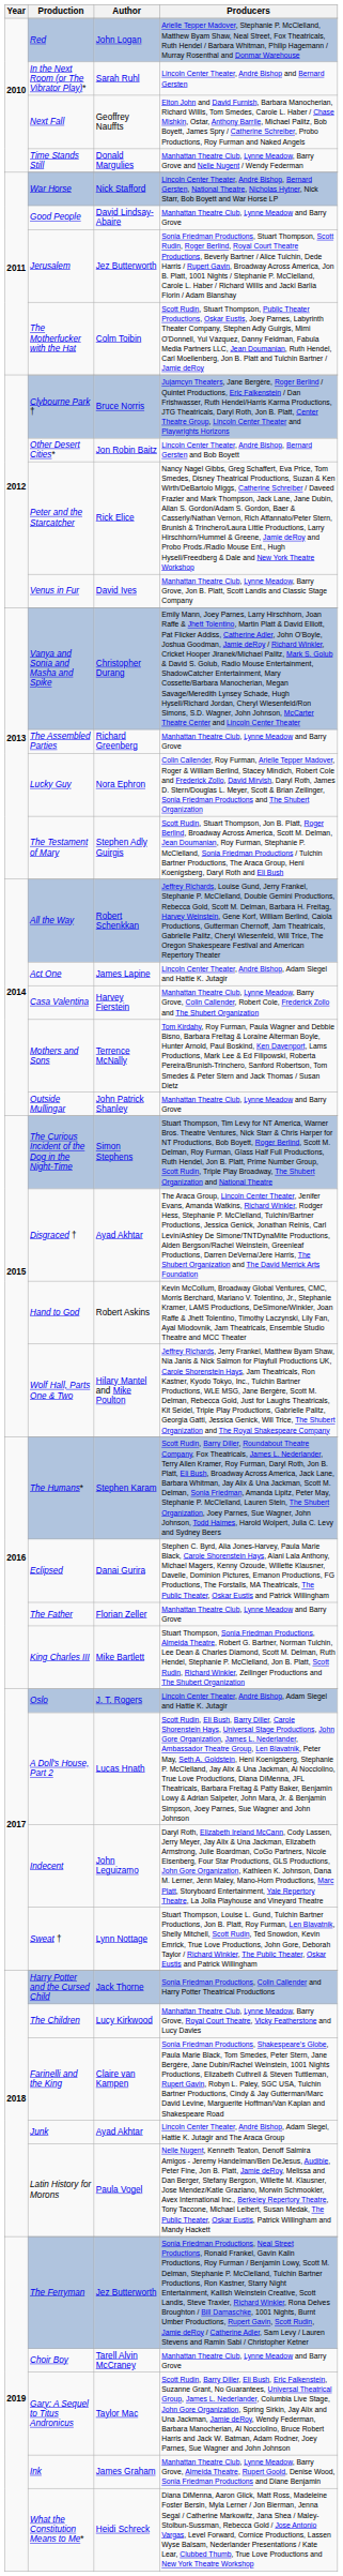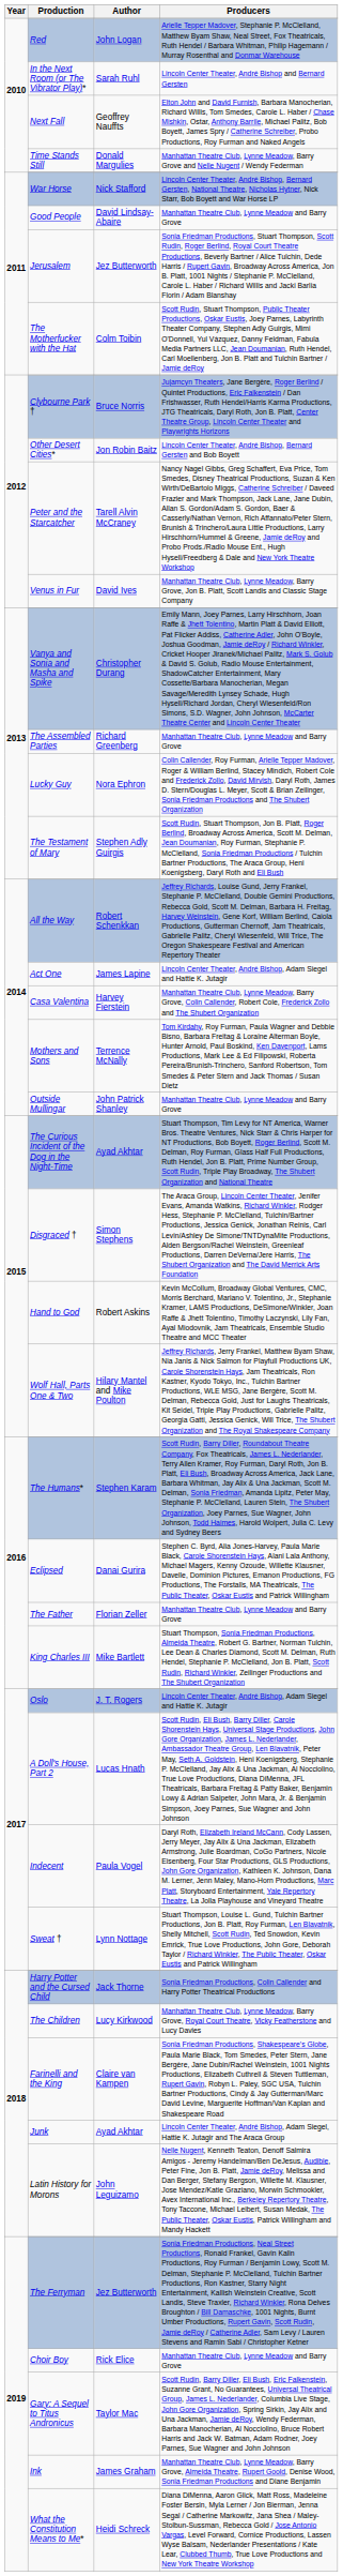 <table class="wikitable" style="width:98%;">
 <tr style="background:#bebebe;">
 <th style="width:5%;">Year</th>
 <th style="width:20%;">Production</th>
 <th style="width:20%;">Author</th>
 <th style="width:55%;">Producers</th>
 </tr>
 <tr>
 <td rowspan="5" align="center"><strong>2010</strong><br><br></td>
 </tr>
 <tr style="background:#B0C4DE">
 <td><em><a href='#'>Red</a></em></td>
 <td><a href='#'>John Logan</a></td>
 <td><small><a href='#'>Arielle Tepper Madover</a>, Stephanie P. McClelland, Matthew Byam Shaw, Neal Street, Fox Theatricals, Ruth Hendel / Barbara Whitman, Philip Hagemann / Murray Rosenthal and <a href='#'>Donmar Warehouse</a></small></td>
 </tr>
 <tr>
 <td><em><a href='#'>In the Next Room (or The Vibrator Play)</a></em>*</td>
 <td><a href='#'>Sarah Ruhl</a></td>
 <td><small><a href='#'>Lincoln Center Theater</a>, <a href='#'>André Bishop</a> and <a href='#'>Bernard Gersten</a></small></td>
 </tr>
 <tr>
 <td><em><a href='#'>Next Fall</a></em></td>
 <td>Geoffrey Nauffts</td>
 <td><small><a href='#'>Elton John</a> and <a href='#'>David Furnish</a>, Barbara Manocherian, Richard Willis, Tom Smedes, Carole L. Haber / <a href='#'>Chase Mishkin</a>, Ostar, <a href='#'>Anthony Barrile</a>, Michael Palitz, Bob Boyett, James Spry / <a href='#'>Catherine Schreiber</a>, Probo Productions, Roy Furman and Naked Angels</small></td>
 </tr>
 <tr>
 <td><em><a href='#'>Time Stands Still</a></em></td>
 <td><a href='#'>Donald Margulies</a></td>
 <td><small><a href='#'>Manhattan Theatre Club</a>, <a href='#'>Lynne Meadow</a>, Barry Grove and <a href='#'>Nelle Nugent</a> / Wendy Federman</small></td>
 </tr>
 <tr>
 <td rowspan="5" align="center"><strong>2011</strong><br><br></td>
 </tr>
 <tr style="background:#B0C4DE">
 <td><em><a href='#'>War Horse</a></em></td>
 <td><a href='#'>Nick Stafford</a></td>
 <td><small><a href='#'>Lincoln Center Theater</a>, <a href='#'>André Bishop</a>, <a href='#'>Bernard Gersten</a>, <a href='#'>National Theatre</a>, <a href='#'>Nicholas Hytner</a>, Nick Starr, Bob Boyett and War Horse LP</small></td>
 </tr>
 <tr>
 <td><em><a href='#'>Good People</a></em></td>
 <td><a href='#'>David Lindsay-Abaire</a></td>
 <td><small><a href='#'>Manhattan Theatre Club</a>, <a href='#'>Lynne Meadow</a> and Barry Grove</small></td>
 </tr>
 <tr>
 <td><em><a href='#'>Jerusalem</a></em></td>
 <td><a href='#'>Jez Butterworth</a></td>
 <td><small><a href='#'>Sonia Friedman Productions</a>, Stuart Thompson, <a href='#'>Scott Rudin</a>, <a href='#'>Roger Berlind</a>, <a href='#'>Royal Court Theatre Productions</a>, Beverly Bartner / Alice Tulchin, Dede Harris / <a href='#'>Rupert Gavin</a>, Broadway Across America, Jon B. Platt, 1001 Nights / Stephanie P. McClelland, Carole L. Haber / Richard Willis and Jacki Barlia Florin / Adam Blanshay</small></td>
 </tr>
 <tr>
 <td><em><a href='#'>The Motherfucker with the Hat</a></em></td>
 <td><a href='#'>Colm Toibin</a></td>
 <td><small><a href='#'>Scott Rudin</a>, Stuart Thompson, <a href='#'>Public Theater Productions</a>, <a href='#'>Oskar Eustis</a>, Joey Parnes, Labyrinth Theater Company, Stephen Adly Guirgis, Mimi O'Donnell, Yul Vázquez, Danny Feldman, Fabula Media Partners LLC, <a href='#'>Jean Doumanian</a>, Ruth Hendel, Carl Moellenberg, Jon B. Platt and Tulchin Bartner / <a href='#'>Jamie deRoy</a></small></td>
 </tr>
 <tr>
 <td rowspan="5" align="center"><strong>2012</strong><br><br></td>
 </tr>
 <tr style="background:#B0C4DE">
 <td><em><a href='#'>Clybourne Park</a></em> †</td>
 <td><a href='#'>Bruce Norris</a></td>
 <td><small><a href='#'>Jujamcyn Theaters</a>, Jane Bergère, <a href='#'>Roger Berlind</a> / Quintet Productions, <a href='#'>Eric Falkenstein</a> / Dan Frishwasser, Ruth Hendel/Harris Karma Productions, JTG Theatricals, Daryl Roth, Jon B. Platt, <a href='#'>Center Theatre Group</a>, <a href='#'>Lincoln Center Theater</a> and <a href='#'>Playwrights Horizons</a></small></td>
 </tr>
 <tr>
 <td><em><a href='#'>Other Desert Cities</a></em>*</td>
 <td><a href='#'>Jon Robin Baitz</a></td>
 <td><small><a href='#'>Lincoln Center Theater</a>, <a href='#'>André Bishop</a>, <a href='#'>Bernard Gersten</a> and Bob Boyett</small></td>
 </tr>
 <tr>
 <td><em><a href='#'>Peter and the Starcatcher</a></em></td>
-<td><a href='#'>Rick Elice</a></td>
+<td><a href='#'>Tarell Alvin McCraney</a></td>
 <td><small>Nancy Nagel Gibbs, Greg Schaffert, Eva Price, Tom Smedes, Disney Theatrical Productions, Suzan & Ken Wirth/DeBartolo Miggs, <a href='#'>Catherine Schreiber</a> / Daveed Frazier and Mark Thompson, Jack Lane, Jane Dubin, Allan S. Gordon/Adam S. Gordon, Baer & Casserly/Nathan Vernon, Rich Affannato/Peter Stern, Brunish & Trinchero/Laura Little Productions, Larry Hirschhorn/Hummel & Greene, <a href='#'>Jamie deRoy</a> and Probo Prods./Radio Mouse Ent., Hugh Hysell/Freedberg & Dale and <a href='#'>New York Theatre Workshop</a></small></td>
 </tr>
 <tr>
 <td><em><a href='#'>Venus in Fur</a></em></td>
 <td><a href='#'>David Ives</a></td>
 <td><small><a href='#'>Manhattan Theatre Club</a>, <a href='#'>Lynne Meadow</a>, Barry Grove, Jon B. Platt, Scott Landis and Classic Stage Company</small></td>
 </tr>
 <tr>
 <td rowspan="5" align="center"><strong>2013</strong><br><br></td>
 </tr>
 <tr style="background:#B0C4DE">
 <td><em><a href='#'>Vanya and Sonia and Masha and Spike</a></em></td>
 <td><a href='#'>Christopher Durang</a></td>
 <td><small>Emily Mann, Joey Parnes, Larry Hirschhorn, Joan Raffe & <a href='#'>Jhett Tolentino</a>, Martin Platt & David Elliott, Pat Flicker Addiss, <a href='#'>Catherine Adler</a>, John O’Boyle, Joshua Goodman, <a href='#'>Jamie deRoy</a> / <a href='#'>Richard Winkler</a>, Cricket Hooper Jiranek/Michael Palitz, <a href='#'>Mark S. Golub</a> & David S. Golub, Radio Mouse Entertainment, ShadowCatcher Entertainment, Mary Cossette/Barbara Manocherian, Megan Savage/Meredith Lynsey Schade, Hugh Hysell/Richard Jordan, Cheryl Wiesenfeld/Ron Simons, S.D. Wagner, John Johnson, <a href='#'>McCarter Theatre Center</a> and <a href='#'>Lincoln Center Theater</a></small></td>
 </tr>
 <tr>
 <td><em><a href='#'>The Assembled Parties</a></em></td>
 <td><a href='#'>Richard Greenberg</a></td>
 <td><small><a href='#'>Manhattan Theatre Club</a>, <a href='#'>Lynne Meadow</a> and Barry Grove</small></td>
 </tr>
 <tr>
 <td><em><a href='#'>Lucky Guy</a></em></td>
 <td><a href='#'>Nora Ephron</a></td>
 <td><small><a href='#'>Colin Callender</a>, Roy Furman, <a href='#'>Arielle Tepper Madover</a>, Roger & William Berlind, Stacey Mindich, Robert Cole and <a href='#'>Frederick Zollo</a>, <a href='#'>David Mirvish</a>, Daryl Roth, James D. Stern/Douglas L. Meyer, Scott & Brian Zeilinger, <a href='#'>Sonia Friedman Productions</a> and <a href='#'>The Shubert Organization</a></small></td>
 </tr>
 <tr>
 <td><em><a href='#'>The Testament of Mary</a></em></td>
 <td><a href='#'>Stephen Adly Guirgis</a></td>
 <td><small><a href='#'>Scott Rudin</a>, Stuart Thompson, Jon B. Platt, <a href='#'>Roger Berlind</a>, Broadway Across America, Scott M. Delman, <a href='#'>Jean Doumanian</a>, Roy Furman, Stephanie P. McClelland, <a href='#'>Sonia Friedman Productions</a> / Tulchin Bartner Productions, The Araca Group, Heni Koenigsberg, Daryl Roth and <a href='#'>Eli Bush</a></small></td>
 </tr>
 <tr>
 <td rowspan="6" align="center"><strong>2014</strong><br><br></td>
 </tr>
 <tr style="background:#B0C4DE">
 <td><em><a href='#'>All the Way</a></em></td>
 <td><a href='#'>Robert Schenkkan</a></td>
 <td><small><a href='#'>Jeffrey Richards</a>, Louise Gund, Jerry Frankel, Stephanie P. McClelland, Double Gemini Productions, Rebecca Gold, Scott M. Delman, Barbara H. Freitag, <a href='#'>Harvey Weinstein</a>, Gene Korf, William Berlind, Caiola Productions, Gutterman Chernoff, Jam Theatricals, Gabrielle Palitz, Cheryl Wiesenfeld, Will Trice, The Oregon Shakespeare Festival and American Repertory Theater</small></td>
 </tr>
 <tr>
 <td><em><a href='#'>Act One</a></em></td>
 <td><a href='#'>James Lapine</a></td>
 <td><small><a href='#'>Lincoln Center Theater</a>, <a href='#'>André Bishop</a>, Adam Siegel and Hattie K. Jutagir</small></td>
 </tr>
 <tr>
 <td><em><a href='#'>Casa Valentina</a></em></td>
 <td><a href='#'>Harvey Fierstein</a></td>
 <td><small><a href='#'>Manhattan Theatre Club</a>, <a href='#'>Lynne Meadow</a>, Barry Grove, <a href='#'>Colin Callender</a>, Robert Cole, <a href='#'>Frederick Zollo</a> and <a href='#'>The Shubert Organization</a></small></td>
 </tr>
 <tr>
 <td><em><a href='#'>Mothers and Sons</a></em></td>
 <td><a href='#'>Terrence McNally</a></td>
 <td><small><a href='#'>Tom Kirdahy</a>, Roy Furman, Paula Wagner and Debbie Bisno, Barbara Freitag & Loraine Alterman Boyle, Hunter Arnold, Paul Boskind, <a href='#'>Ken Davenport</a>, Lams Productions, Mark Lee & Ed Filipowski, Roberta Pereira/Brunish-Trinchero, Sanford Robertson, Tom Smedes & Peter Stern and Jack Thomas / Susan Dietz</small></td>
 </tr>
 <tr>
 <td><em><a href='#'>Outside Mullingar</a></em></td>
 <td><a href='#'>John Patrick Shanley</a></td>
 <td><small><a href='#'>Manhattan Theatre Club</a>, <a href='#'>Lynne Meadow</a> and Barry Grove</small></td>
 </tr>
 <tr>
 <td rowspan="5" align="center"><strong>2015</strong><br><br></td>
 </tr>
 <tr style="background:#B0C4DE">
 <td><em><a href='#'>The Curious Incident of the Dog in the Night-Time</a></em></td>
-<td><a href='#'>Simon Stephens</a></td>
+<td><a href='#'>Ayad Akhtar</a></td>
 <td><small>Stuart Thompson, Tim Levy for NT America, Warner Bros. Theatre Ventures, Nick Starr & Chris Harper for NT Productions, Bob Boyett, <a href='#'>Roger Berlind</a>, Scott M. Delman, Roy Furman, Glass Half Full Productions, Ruth Hendel, Jon B. Platt, Prime Number Group, <a href='#'>Scott Rudin</a>, Triple Play Broadway, <a href='#'>The Shubert Organization</a> and <a href='#'>National Theatre</a></small></td>
 </tr>
 <tr>
 <td><em><a href='#'>Disgraced</a></em> †</td>
-<td><a href='#'>Ayad Akhtar</a></td>
+<td><a href='#'>Simon Stephens</a></td>
 <td><small>The Araca Group, <a href='#'>Lincoln Center Theater</a>, Jenifer Evans, Amanda Watkins, <a href='#'>Richard Winkler</a>, Rodger Hess, Stephanie P. McClelland, Tulchin/Bartner Productions, Jessica Genick, Jonathan Reinis, Carl Levin/Ashley De Simone/TNTDynaMite Productions, Alden Bergson/Rachel Weinstein, Greenleaf Productions, Darren DeVerna/Jere Harris, <a href='#'>The Shubert Organization</a> and <a href='#'>The David Merrick Arts Foundation</a></small></td>
 </tr>
 <tr>
 <td><em><a href='#'>Hand to God</a></em></td>
 <td>Robert Askins</td>
 <td><small>Kevin McCollum, Broadway Global Ventures, CMC, Morris Berchard, Mariano V. Tolentino, Jr., Stephanie Kramer, LAMS Productions, DeSimone/Winkler, Joan Raffe & Jhett Tolentino, Timothy Laczynski, Lily Fan, Ayal Miodovnik, Jam Theatricals, Ensemble Studio Theatre and MCC Theater</small></td>
 </tr>
 <tr>
 <td><em><a href='#'>Wolf Hall, Parts One & Two</a></em></td>
 <td><a href='#'>Hilary Mantel</a> and <a href='#'>Mike Poulton</a></td>
 <td><small><a href='#'>Jeffrey Richards</a>, Jerry Frankel, Matthew Byam Shaw, Nia Janis & Nick Salmon for Playfull Productions UK, <a href='#'>Carole Shorenstein Hays</a>, Jam Theatricals, Ron Kastner, Kyodo Tokyo, Inc., Tulchin Bartner Productions, WLE MSG, Jane Bergère, Scott M. Delman, Rebecca Gold, Just for Laughs Theatricals, Kit Seidel, Triple Play Productions, Gabrielle Palitz, Georgia Gatti, Jessica Genick, Will Trice, <a href='#'>The Shubert Organization</a> and <a href='#'>The Royal Shakespeare Company</a></small></td>
 </tr>
 <tr>
 <td rowspan="5" align="center"><strong>2016</strong><br><br></td>
 </tr>
 <tr style="background:#B0C4DE">
 <td><em><a href='#'>The Humans</a></em>*</td>
 <td><a href='#'>Stephen Karam</a></td>
 <td><small><a href='#'>Scott Rudin</a>, <a href='#'>Barry Diller</a>, <a href='#'>Roundabout Theatre Company</a>, Fox Theatricals, <a href='#'>James L. Nederlander</a>, Terry Allen Kramer, Roy Furman, Daryl Roth, Jon B. Platt, <a href='#'>Eli Bush</a>, Broadway Across America, Jack Lane, Barbara Whitman, Jay Alix & Una Jackman, Scott M. Delman, <a href='#'>Sonia Friedman</a>, Amanda Lipitz, Peter May, Stephanie P. McClelland, Lauren Stein, <a href='#'>The Shubert Organization</a>, Joey Parnes, Sue Wagner, John Johnson, <a href='#'>Todd Haimes</a>, Harold Wolpert, Julia C. Levy and Sydney Beers</small></td>
 </tr>
 <tr>
 <td><em><a href='#'>Eclipsed</a></em></td>
 <td><a href='#'>Danai Gurira</a></td>
 <td><small>Stephen C. Byrd, Alia Jones-Harvey, Paula Marie Black, <a href='#'>Carole Shorenstein Hays</a>, Alani Lala Anthony, Michael Magers, Kenny Ozoude, Willette Klausner, Davelle, Dominion Pictures, Emanon Productions, FG Productions, The Forstalls, MA Theatricals, <a href='#'>The Public Theater</a>, <a href='#'>Oskar Eustis</a> and Patrick Willingham</small></td>
 </tr>
 <tr>
 <td><em><a href='#'>The Father</a></em></td>
 <td><a href='#'>Florian Zeller</a></td>
 <td><small><a href='#'>Manhattan Theatre Club</a>, <a href='#'>Lynne Meadow</a> and Barry Grove</small></td>
 </tr>
 <tr>
 <td><em><a href='#'>King Charles III</a></em></td>
 <td><a href='#'>Mike Bartlett</a></td>
 <td><small>Stuart Thompson, <a href='#'>Sonia Friedman Productions</a>, <a href='#'>Almeida Theatre</a>, Robert G. Bartner, Norman Tulchin, Lee Dean & Charles Diamond, Scott M. Delman, Ruth Hendel, Stephanie P. McClelland, Jon B. Platt, <a href='#'>Scott Rudin</a>, <a href='#'>Richard Winkler</a>, Zeilinger Productions and <a href='#'>The Shubert Organization</a></small></td>
 </tr>
 <tr>
 <td rowspan="5" align="center"><strong>2017</strong><br><br></td>
 </tr>
 <tr style="background:#B0C4DE">
 <td><em><a href='#'>Oslo</a></em></td>
 <td><a href='#'>J. T. Rogers</a></td>
 <td><small><a href='#'>Lincoln Center Theater</a>, <a href='#'>André Bishop</a>, Adam Siegel and Hattie K. Jutagir</small></td>
 </tr>
 <tr>
 <td><em><a href='#'>A Doll's House, Part 2</a></em></td>
 <td><a href='#'>Lucas Hnath</a></td>
 <td><small><a href='#'>Scott Rudin</a>, <a href='#'>Eli Bush</a>, <a href='#'>Barry Diller</a>, <a href='#'>Carole Shorenstein Hays</a>, <a href='#'>Universal Stage Productions</a>, <a href='#'>John Gore Organization</a>, <a href='#'>James L. Nederlander</a>, <a href='#'>Ambassador Theatre Group</a>, <a href='#'>Len Blavatnik</a>, Peter May, <a href='#'>Seth A. Goldstein</a>, Heni Koenigsberg, Stephanie P. McClelland, Jay Alix & Una Jackman, Al Nocciolino, True Love Productions, Diana DiMenna, JFL Theatricals, Barbara Freitag & Patty Baker, Benjamin Lowy & Adrian Salpeter, John Mara, Jr. & Benjamin Simpson, Joey Parnes, Sue Wagner and John Johnson</small></td>
 </tr>
 <tr>
 <td><em><a href='#'>Indecent</a></em></td>
-<td><a href='#'>John Leguizamo</a></td>
+<td><a href='#'>Paula Vogel</a></td>
 <td><small>Daryl Roth, <a href='#'>Elizabeth Ireland McCann</a>, Cody Lassen, Jerry Meyer, Jay Alix & Una Jackman, Elizabeth Armstrong, Julie Boardman, CoGo Partners, Nicole Eisenberg, Four Star Productions, GLS Productions, <a href='#'>John Gore Organization</a>, Kathleen K. Johnson, Dana M. Lerner, Jenn Maley, Mano-Horn Productions, <a href='#'>Marc Platt</a>, Storyboard Entertainment, <a href='#'>Yale Repertory Theatre</a>, La Jolla Playhouse and Vineyard Theatre</small></td>
 </tr>
 <tr>
 <td><em><a href='#'>Sweat</a></em> †</td>
 <td><a href='#'>Lynn Nottage</a></td>
 <td><small>Stuart Thompson, Louise L. Gund, Tulchin Bartner Productions, Jon B. Platt, Roy Furman, <a href='#'>Len Blavatnik</a>, Shelly Mitchell, <a href='#'>Scott Rudin</a>, Ted Snowdon, Kevin Emrick, True Love Productions, John Gore, Deborah Taylor / <a href='#'>Richard Winkler</a>, <a href='#'>The Public Theater</a>, <a href='#'>Oskar Eustis</a> and Patrick Willingham</small></td>
 </tr>
 <tr>
 <td rowspan="6" align="center"><strong>2018</strong><br><br></td>
 </tr>
 <tr style="background:#B0C4DE">
 <td><em><a href='#'>Harry Potter and the Cursed Child</a></em></td>
 <td><a href='#'>Jack Thorne</a></td>
 <td><small><a href='#'>Sonia Friedman Productions</a>, <a href='#'>Colin Callender</a> and Harry Potter Theatrical Productions</small></td>
 </tr>
 <tr>
 <td><em><a href='#'>The Children</a></em></td>
 <td><a href='#'>Lucy Kirkwood</a></td>
 <td><small><a href='#'>Manhattan Theatre Club</a>, <a href='#'>Lynne Meadow</a>, Barry Grove, <a href='#'>Royal Court Theatre</a>, <a href='#'>Vicky Featherstone</a> and Lucy Davies</small></td>
 </tr>
 <tr>
 <td><em><a href='#'>Farinelli and the King</a></em></td>
 <td><a href='#'>Claire van Kampen</a></td>
 <td><small><a href='#'>Sonia Friedman Productions</a>, <a href='#'>Shakespeare's Globe</a>, Paula Marie Black, Tom Smedes, Peter Stern, Jane Bergère, Jane Dubin/Rachel Weinstein, 1001 Nights Productions, Elizabeth Cuthrell & Steven Tuttleman, <a href='#'>Rupert Gavin</a>, Robyn L. Paley, SGC USA, Tulchin Bartner Productions, Cindy & Jay Gutterman/Marc David Levine, Marguerite Hoffman/Van Kaplan and Shakespeare Road</small></td>
 </tr>
 <tr>
 <td><em><a href='#'>Junk</a></em></td>
 <td><a href='#'>Ayad Akhtar</a></td>
 <td><small><a href='#'>Lincoln Center Theater</a>, <a href='#'>André Bishop</a>, Adam Siegel, Hattie K. Jutagir and The Araca Group</small></td>
 </tr>
 <tr>
 <td><em>Latin History for Morons</em></td>
-<td><a href='#'>Paula Vogel</a></td>
+<td><a href='#'>John Leguizamo</a></td>
 <td><small><a href='#'>Nelle Nugent</a>, Kenneth Teaton, Denoff Salmira Amigos - Jeremy Handelman/Ben DeJesus, <a href='#'>Audible</a>, Peter Fine, Jon B. Platt, <a href='#'>Jamie deRoy</a>, Melissa and Dan Berger, Stefany Bergson, Willette M. Klausner, Jose Mendez/Katie Graziano, Morwin Schmookler, Avex International Inc., <a href='#'>Berkeley Repertory Theatre</a>, Tony Taccone, Michael Leibert, Susan Medak, <a href='#'>The Public Theater</a>, <a href='#'>Oskar Eustis</a>, Patrick Willingham and Mandy Hackett</small></td>
 </tr>
 <tr>
 <td rowspan="6" align="center"><strong>2019</strong><br><br></td>
 </tr>
 <tr style="background:#B0C4DE">
 <td><em><a href='#'>The Ferryman</a></em></td>
 <td><a href='#'>Jez Butterworth</a></td>
 <td><small><a href='#'>Sonia Friedman Productions</a>, <a href='#'>Neal Street Productions</a>, Ronald Frankel, Gavin Kalin Productions, Roy Furman / Benjamin Lowy, Scott M. Delman, Stephanie P. McClelland, Tulchin Bartner Productions, Ron Kastner, Starry Night Entertainment, Kallish Weinstein Creative, Scott Landis, Steve Traxler, <a href='#'>Richard Winkler</a>, Rona Delves Broughton / <a href='#'>Bill Damaschke</a>, 1001 Nights, Burnt Umber Productions, <a href='#'>Rupert Gavin</a>, <a href='#'>Scott Rudin</a>, <a href='#'>Jamie deRoy</a> / <a href='#'>Catherine Adler</a>, Sam Levy / Lauren Stevens and Ramin Sabi / Christopher Ketner</small></td>
 </tr>
 <tr>
 <td><em><a href='#'>Choir Boy</a></em></td>
-<td><a href='#'>Tarell Alvin McCraney</a></td>
+<td><a href='#'>Rick Elice</a></td>
 <td><small><a href='#'>Manhattan Theatre Club</a>, <a href='#'>Lynne Meadow</a> and Barry Grove</small></td>
 </tr>
 <tr>
 <td><em><a href='#'>Gary: A Sequel to Titus Andronicus</a></em></td>
 <td><a href='#'>Taylor Mac</a></td>
 <td><small><a href='#'>Scott Rudin</a>, <a href='#'>Barry Diller</a>, <a href='#'>Eli Bush</a>, <a href='#'>Eric Falkenstein</a>, Suzanne Grant, No Guarantees, <a href='#'>Universal Theatrical Group</a>, <a href='#'>James L. Nederlander</a>, Columbia Live Stage, <a href='#'>John Gore Organization</a>, Spring Sirkin, Jay Alix and Una Jackman, <a href='#'>Jamie deRoy</a>, Wendy Federman, Barbara Manocherian, Al Nocciolino, Bruce Robert Harris and Jack W. Batman, Adam Rodner, Joey Parnes, Sue Wagner and John Johnson</small></td>
 </tr>
 <tr>
 <td><em><a href='#'>Ink</a></em></td>
 <td><a href='#'>James Graham</a></td>
 <td><small><a href='#'>Manhattan Theatre Club</a>, <a href='#'>Lynne Meadow</a>, Barry Grove, <a href='#'>Almeida Theatre</a>, <a href='#'>Rupert Goold</a>, Denise Wood, <a href='#'>Sonia Friedman Productions</a> and Diane Benjamin</small></td>
 </tr>
 <tr>
 <td><em><a href='#'>What the Constitution Means to Me</a></em>*</td>
 <td><a href='#'>Heidi Schreck</a></td>
 <td><small>Diana DiMenna, Aaron Glick, Matt Ross, Madeleine Foster Bersin, Myla Lerner / Jon Bierman, Jenna Segal / Catherine Markowitz, Jana Shea / Maley-Stolbun-Sussman, Rebecca Gold / <a href='#'>Jose Antonio Vargas</a>, Level Forward, Cornice Productions, Lassen Wyse Balsam, Nederlander Presentations / Kate Lear, <a href='#'>Clubbed Thumb</a>, True Love Productions and <a href='#'>New York Theatre Workshop</a></small></td>
 </tr>
 </table>
